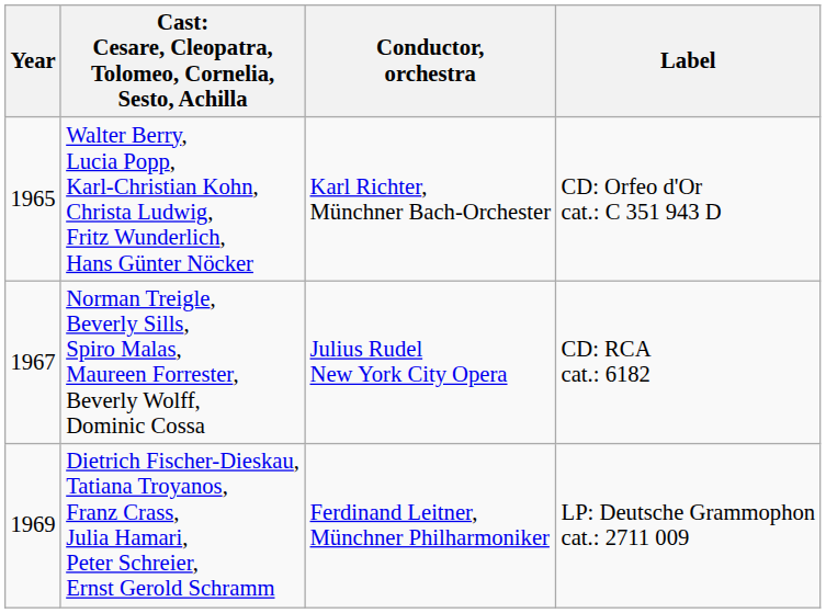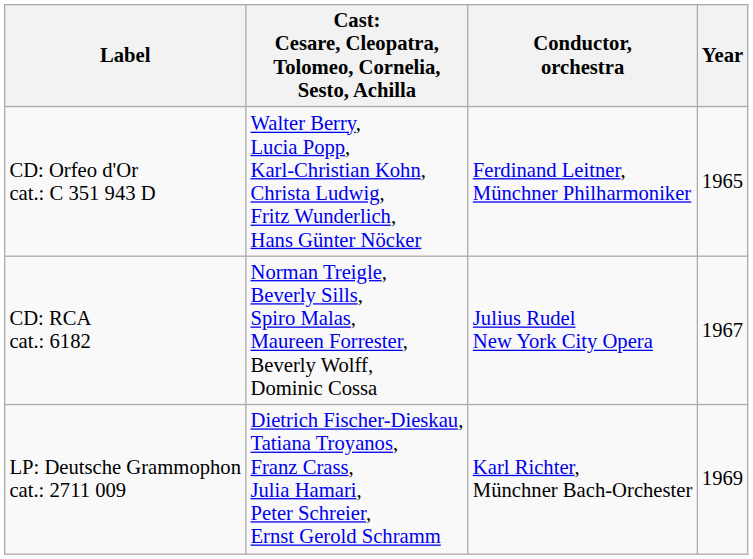 <table class="wikitable">
 <tr>
-<th>Year</th>
+<th>Label</th>
 <th>Cast:<br>Cesare, Cleopatra,<br>Tolomeo, Cornelia,<br>Sesto, Achilla</th>
 <th>Conductor,<br>orchestra</th>
-<th>Label</th>
+<th>Year</th>
 </tr>
 <tr>
+<td>CD: Orfeo d'Or<br>cat.: C 351 943 D</td>
+<td><a href='#'>Walter Berry</a>,<br><a href='#'>Lucia Popp</a>,<br><a href='#'>Karl-Christian Kohn</a>,<br><a href='#'>Christa Ludwig</a>,<br><a href='#'>Fritz Wunderlich</a>,<br><a href='#'>Hans Günter Nöcker</a></td>
+<td><a href='#'>Ferdinand Leitner</a>,<br><a href='#'>Münchner Philharmoniker</a></td>
 <td>1965</td>
-<td><a href='#'>Walter Berry</a>,<br><a href='#'>Lucia Popp</a>,<br><a href='#'>Karl-Christian Kohn</a>,<br><a href='#'>Christa Ludwig</a>,<br><a href='#'>Fritz Wunderlich</a>,<br><a href='#'>Hans Günter Nöcker</a></td>
-<td><a href='#'>Karl Richter</a>,<br>Münchner Bach-Orchester</td>
-<td>CD: Orfeo d'Or<br>cat.: C 351 943 D</td>
 </tr>
 <tr>
-<td>1967</td>
+<td>CD: RCA<br>cat.: 6182</td>
 <td><a href='#'>Norman Treigle</a>,<br><a href='#'>Beverly Sills</a>,<br><a href='#'>Spiro Malas</a>,<br><a href='#'>Maureen Forrester</a>,<br>Beverly Wolff,<br>Dominic Cossa</td>
 <td><a href='#'>Julius Rudel</a><br><a href='#'>New York City Opera</a></td>
-<td>CD: RCA<br>cat.: 6182</td>
+<td>1967</td>
 </tr>
 <tr>
+<td>LP: Deutsche Grammophon<br>cat.: 2711 009</td>
+<td><a href='#'>Dietrich Fischer-Dieskau</a>,<br><a href='#'>Tatiana Troyanos</a>,<br><a href='#'>Franz Crass</a>,<br><a href='#'>Julia Hamari</a>,<br><a href='#'>Peter Schreier</a>,<br><a href='#'>Ernst Gerold Schramm</a></td>
+<td><a href='#'>Karl Richter</a>,<br>Münchner Bach-Orchester</td>
 <td>1969</td>
-<td><a href='#'>Dietrich Fischer-Dieskau</a>,<br><a href='#'>Tatiana Troyanos</a>,<br><a href='#'>Franz Crass</a>,<br><a href='#'>Julia Hamari</a>,<br><a href='#'>Peter Schreier</a>,<br><a href='#'>Ernst Gerold Schramm</a></td>
-<td><a href='#'>Ferdinand Leitner</a>,<br><a href='#'>Münchner Philharmoniker</a></td>
-<td>LP: Deutsche Grammophon<br>cat.: 2711 009</td>
 </tr>
 </table>
